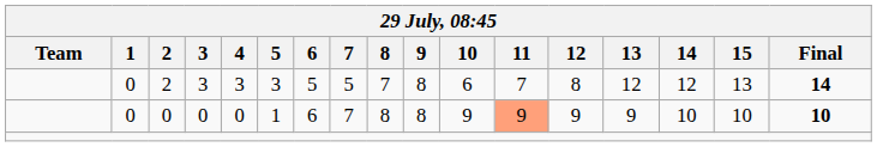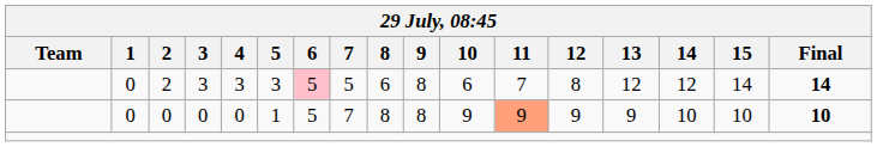 <table class=wikitable style="text-align:center; width: 55%">
 <tr>
 <th colspan=17><em>29 July, 08:45</em></th>
 </tr>
 <tr>
 <th>Team</th>
 <th>1</th>
 <th>2</th>
 <th>3</th>
 <th>4</th>
 <th>5</th>
 <th>6</th>
 <th>7</th>
 <th>8</th>
 <th>9</th>
 <th>10</th>
 <th>11</th>
 <th>12</th>
 <th>13</th>
 <th>14</th>
 <th>15</th>
 <th>Final</th>
 </tr>
 <tr>
 <td align=left><strong></strong></td>
 <td>0</td>
 <td>2</td>
 <td>3</td>
 <td>3</td>
 <td>3</td>
+<td style="background: pink;">5</td>
 <td>5</td>
-<td>5</td>
-<td>7</td>
+<td>6</td>
 <td>8</td>
 <td>6</td>
 <td>7</td>
 <td>8</td>
 <td>12</td>
 <td>12</td>
-<td>13</td>
+<td>14</td>
 <td><strong>14</strong></td>
 </tr>
 <tr>
 <td align=left></td>
 <td>0</td>
 <td>0</td>
 <td>0</td>
 <td>0</td>
 <td>1</td>
-<td>6</td>
+<td>5</td>
 <td>7</td>
 <td>8</td>
 <td>8</td>
 <td>9</td>
 <td style="background: lightsalmon;">9</td>
 <td>9</td>
 <td>9</td>
 <td>10</td>
 <td>10</td>
 <td><strong>10</strong></td>
 </tr>
 <tr>
 <td colspan=17></td>
 </tr>
 </table>
